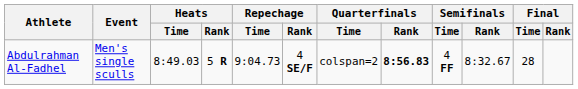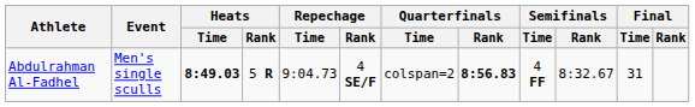 <table class="wikitable" style="font-size:90%">
 <tr>
 <th rowspan="2">Athlete</th>
 <th rowspan="2">Event</th>
 <th colspan="2">Heats</th>
 <th colspan="2">Repechage</th>
 <th colspan="2">Quarterfinals</th>
 <th colspan="2">Semifinals</th>
 <th colspan="2">Final</th>
 </tr>
 <tr style="font-size:95%">
 <th>Time</th>
 <th>Rank</th>
 <th>Time</th>
 <th>Rank</th>
 <th>Time</th>
 <th>Rank</th>
 <th>Time</th>
 <th>Rank</th>
 <th>Time</th>
 <th>Rank</th>
 </tr>
 <tr align=center>
 <td align=left><a href='#'>Abdulrahman Al-Fadhel</a></td>
 <td align=left><a href='#'>Men's single sculls</a></td>
-<td>8:49.03</td>
+<td><strong>8:49.03</strong></td>
 <td>5 <strong>R</strong></td>
 <td>9:04.73</td>
 <td>4 <strong>SE/F</strong></td>
 <td>colspan=2 </td>
 <td><strong>8:56.83</strong></td>
 <td>4 <strong>FF</strong></td>
 <td>8:32.67</td>
-<td>28</td>
+<td>31</td>
 </tr>
 </table>
